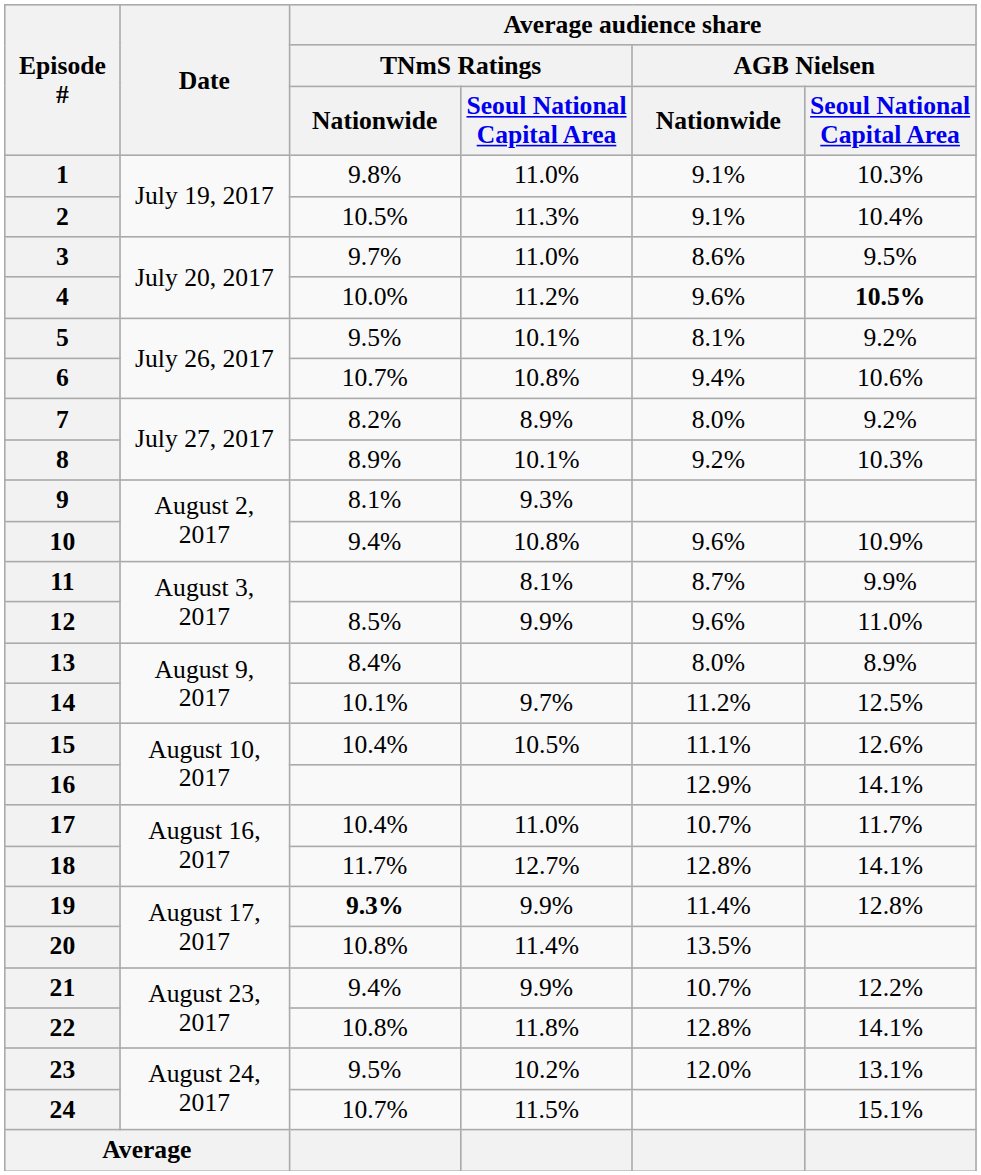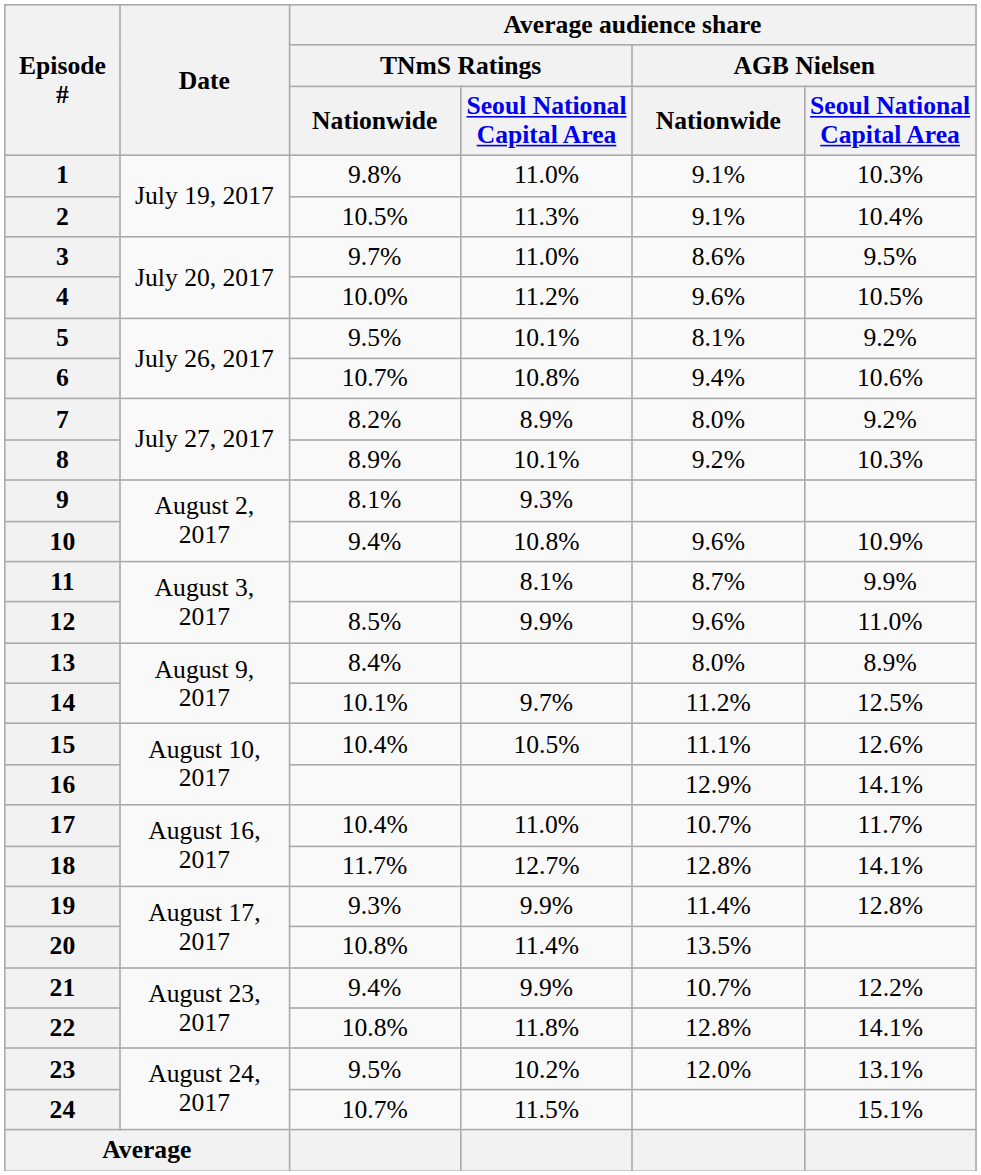 <table class="wikitable" style="text-align:center">
 <tr>
 <th rowspan="3">Episode #</th>
 <th rowspan="3">Date</th>
 <th colspan="4">Average audience share</th>
 </tr>
 <tr>
 <th colspan="2">TNmS Ratings</th>
 <th colspan="2">AGB Nielsen</th>
 </tr>
 <tr>
 <th width="100">Nationwide</th>
 <th width="100"><a href='#'>Seoul National Capital Area</a></th>
 <th width="100">Nationwide</th>
 <th width="100"><a href='#'>Seoul National Capital Area</a></th>
 </tr>
 <tr>
 <th>1</th>
 <td rowspan="2">July 19, 2017</td>
 <td>9.8% </td>
 <td>11.0% </td>
 <td>9.1% </td>
 <td>10.3% </td>
 </tr>
 <tr>
 <th>2</th>
 <td>10.5% </td>
 <td>11.3% </td>
 <td>9.1% </td>
 <td>10.4% </td>
 </tr>
 <tr>
 <th>3</th>
 <td rowspan="2">July 20, 2017</td>
 <td>9.7% </td>
 <td>11.0% </td>
 <td>8.6% </td>
 <td>9.5% </td>
 </tr>
 <tr>
 <th>4</th>
 <td>10.0% </td>
 <td>11.2% </td>
 <td>9.6% </td>
-<td><strong>10.5% </strong></td>
+<td>10.5% </td>
 </tr>
 <tr>
 <th>5</th>
 <td rowspan="2">July 26, 2017</td>
 <td>9.5% </td>
 <td>10.1% </td>
 <td>8.1% </td>
 <td>9.2% </td>
 </tr>
 <tr>
 <th>6</th>
 <td>10.7% </td>
 <td>10.8% </td>
 <td>9.4% </td>
 <td>10.6% </td>
 </tr>
 <tr>
 <th>7</th>
 <td rowspan="2">July 27, 2017</td>
 <td>8.2% </td>
 <td>8.9% </td>
 <td>8.0% </td>
 <td>9.2% </td>
 </tr>
 <tr>
 <th>8</th>
 <td>8.9% </td>
 <td>10.1% </td>
 <td>9.2% </td>
 <td>10.3% </td>
 </tr>
 <tr>
 <th>9</th>
 <td rowspan="2">August 2, 2017</td>
 <td>8.1% </td>
 <td>9.3% </td>
 <td> </td>
 <td> </td>
 </tr>
 <tr>
 <th>10</th>
 <td>9.4% </td>
 <td>10.8% </td>
 <td>9.6% </td>
 <td>10.9% </td>
 </tr>
 <tr>
 <th>11</th>
 <td rowspan="2">August 3, 2017</td>
 <td> </td>
 <td>8.1% </td>
 <td>8.7% </td>
 <td>9.9% </td>
 </tr>
 <tr>
 <th>12</th>
 <td>8.5% </td>
 <td>9.9% </td>
 <td>9.6% </td>
 <td>11.0% </td>
 </tr>
 <tr>
 <th>13</th>
 <td rowspan="2">August 9, 2017</td>
 <td>8.4% </td>
 <td> </td>
 <td>8.0% </td>
 <td>8.9% </td>
 </tr>
 <tr>
 <th>14</th>
 <td>10.1% </td>
 <td>9.7% </td>
 <td>11.2% </td>
 <td>12.5% </td>
 </tr>
 <tr>
 <th>15</th>
 <td rowspan="2">August 10, 2017</td>
 <td>10.4% </td>
 <td>10.5% </td>
 <td>11.1% </td>
 <td>12.6% </td>
 </tr>
 <tr>
 <th>16</th>
 <td> </td>
 <td> </td>
 <td>12.9% </td>
 <td>14.1% </td>
 </tr>
 <tr>
 <th>17</th>
 <td rowspan="2">August 16, 2017</td>
 <td>10.4% </td>
 <td>11.0% </td>
 <td>10.7% </td>
 <td>11.7% </td>
 </tr>
 <tr>
 <th>18</th>
 <td>11.7% </td>
 <td>12.7% </td>
 <td>12.8% </td>
 <td>14.1% </td>
 </tr>
 <tr>
 <th>19</th>
 <td rowspan="2">August 17, 2017</td>
-<td><strong>9.3% </strong></td>
+<td>9.3% </td>
 <td>9.9% </td>
 <td>11.4% </td>
 <td>12.8% </td>
 </tr>
 <tr>
 <th>20</th>
 <td>10.8% </td>
 <td>11.4% </td>
 <td>13.5% </td>
 <td> </td>
 </tr>
 <tr>
 <th>21</th>
 <td rowspan="2">August 23, 2017</td>
 <td>9.4% </td>
 <td>9.9% </td>
 <td>10.7% </td>
 <td>12.2% </td>
 </tr>
 <tr>
 <th>22</th>
 <td>10.8% </td>
 <td>11.8% </td>
 <td>12.8% </td>
 <td>14.1% </td>
 </tr>
 <tr>
 <th>23</th>
 <td rowspan="2">August 24, 2017</td>
 <td>9.5% </td>
 <td>10.2% </td>
 <td>12.0% </td>
 <td>13.1% </td>
 </tr>
 <tr>
 <th>24</th>
 <td>10.7% </td>
 <td>11.5% </td>
 <td> </td>
 <td>15.1% </td>
 </tr>
 <tr>
 <th colspan="2">Average</th>
 <th></th>
 <th></th>
 <th></th>
 <th></th>
 </tr>
 </table>
